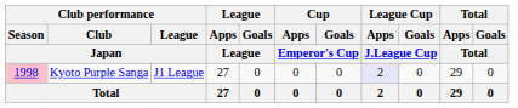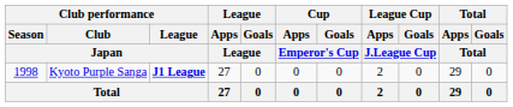 <table class="wikitable" style="text-align:center;">
 <tr>
 <th colspan=3>Club performance</th>
 <th colspan=2>League</th>
 <th colspan=2>Cup</th>
 <th colspan=2>League Cup</th>
 <th colspan=2>Total</th>
 </tr>
 <tr>
 <th>Season</th>
 <th>Club</th>
 <th>League</th>
 <th>Apps</th>
 <th>Goals</th>
 <th>Apps</th>
 <th>Goals</th>
 <th>Apps</th>
 <th>Goals</th>
 <th>Apps</th>
 <th>Goals</th>
 </tr>
 <tr>
 <th colspan=3>Japan</th>
 <th colspan=2>League</th>
 <th colspan=2><a href='#'>Emperor's Cup</a></th>
 <th colspan=2><a href='#'>J.League Cup</a></th>
 <th colspan=2>Total</th>
 </tr>
 <tr>
-<td style="background: pink;"><a href='#'>1998</a></td>
+<td><a href='#'>1998</a></td>
 <td><a href='#'>Kyoto Purple Sanga</a></td>
-<td><a href='#'>J1 League</a></td>
+<td><strong><a href='#'>J1 League</a></strong></td>
 <td>27</td>
 <td>0</td>
 <td>0</td>
 <td>0</td>
-<td style="background: lavender;">2</td>
+<td>2</td>
 <td>0</td>
 <td>29</td>
 <td>0</td>
 </tr>
 <tr>
 <th colspan=3>Total</th>
 <th>27</th>
 <th>0</th>
 <th>0</th>
 <th>0</th>
 <th>2</th>
 <th>0</th>
 <th>29</th>
 <th>0</th>
 </tr>
 </table>
